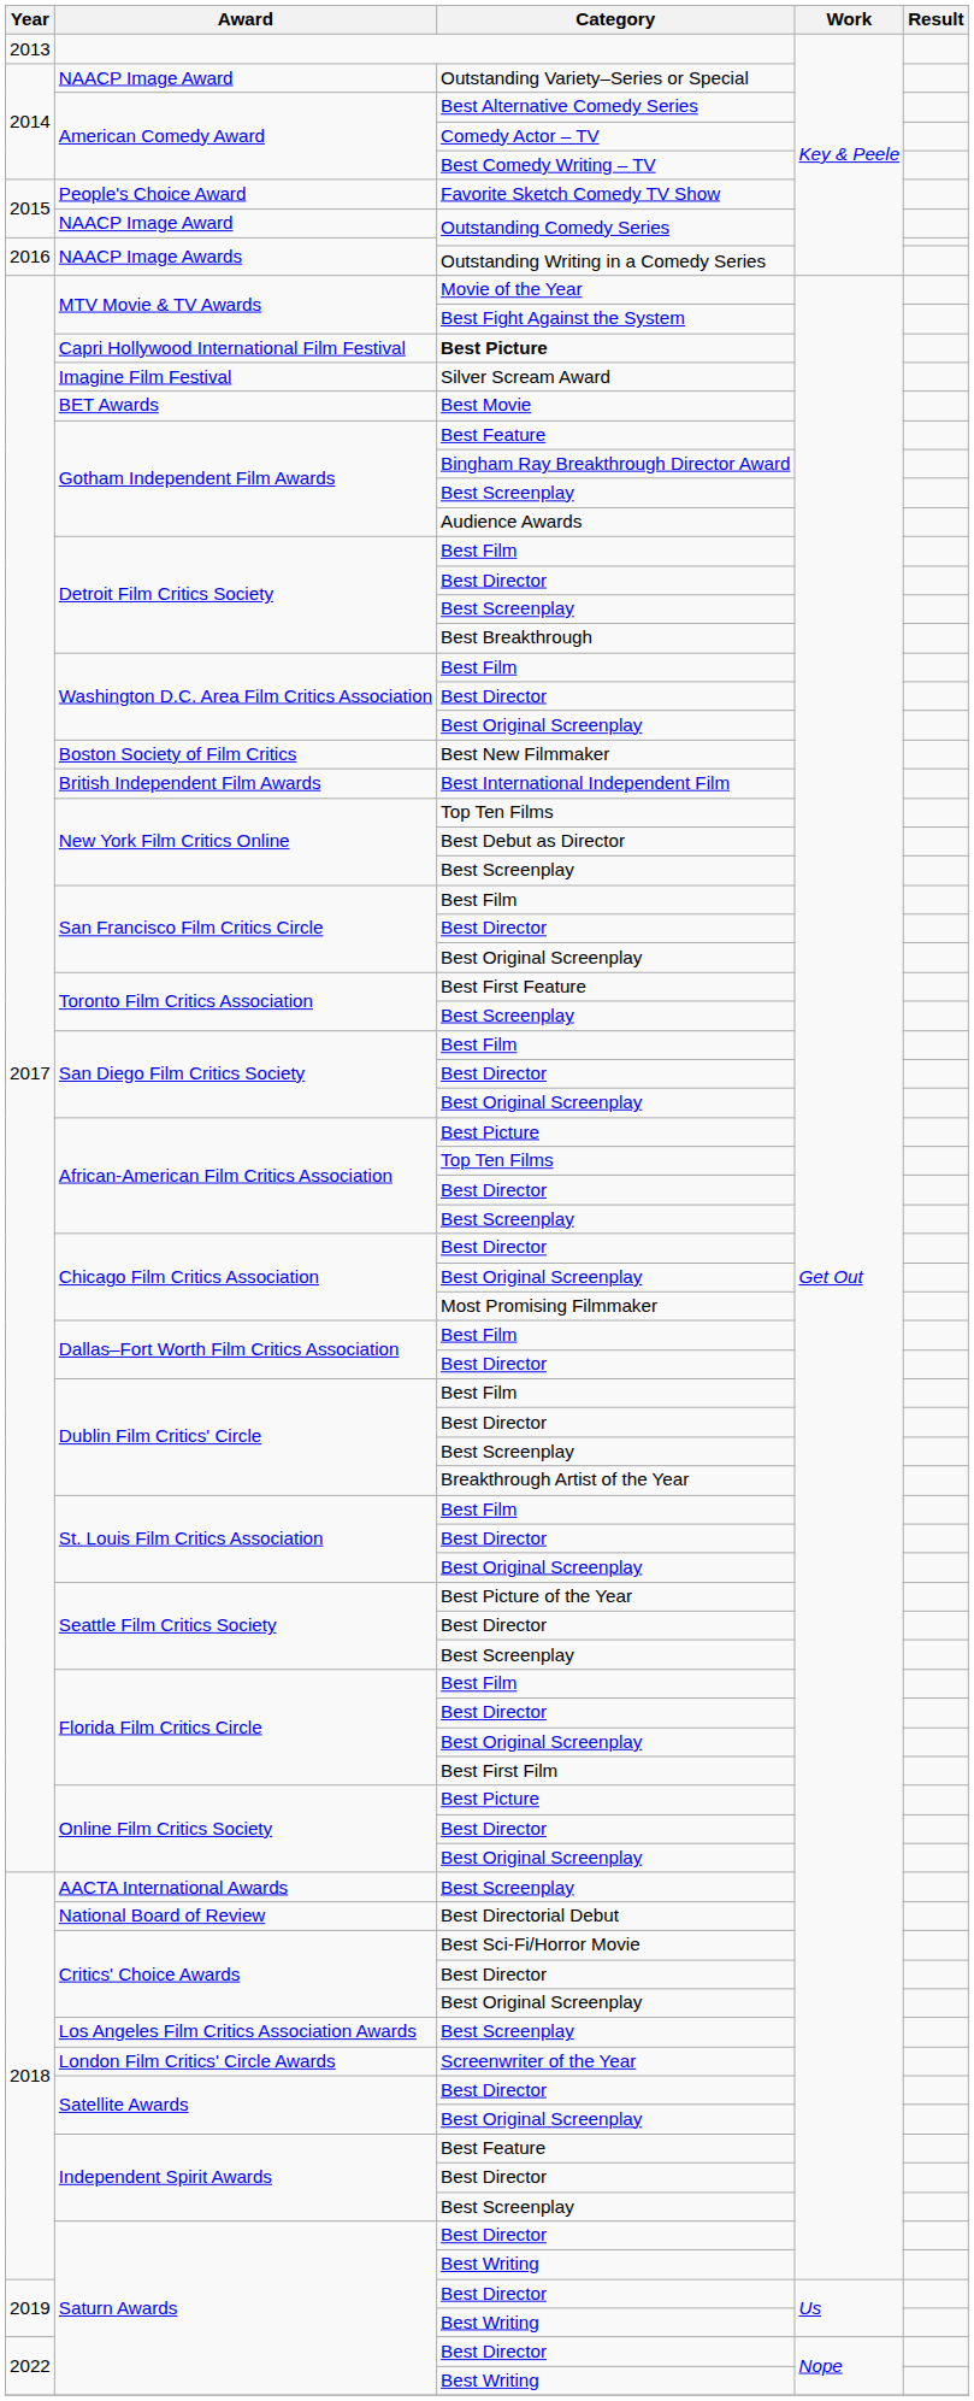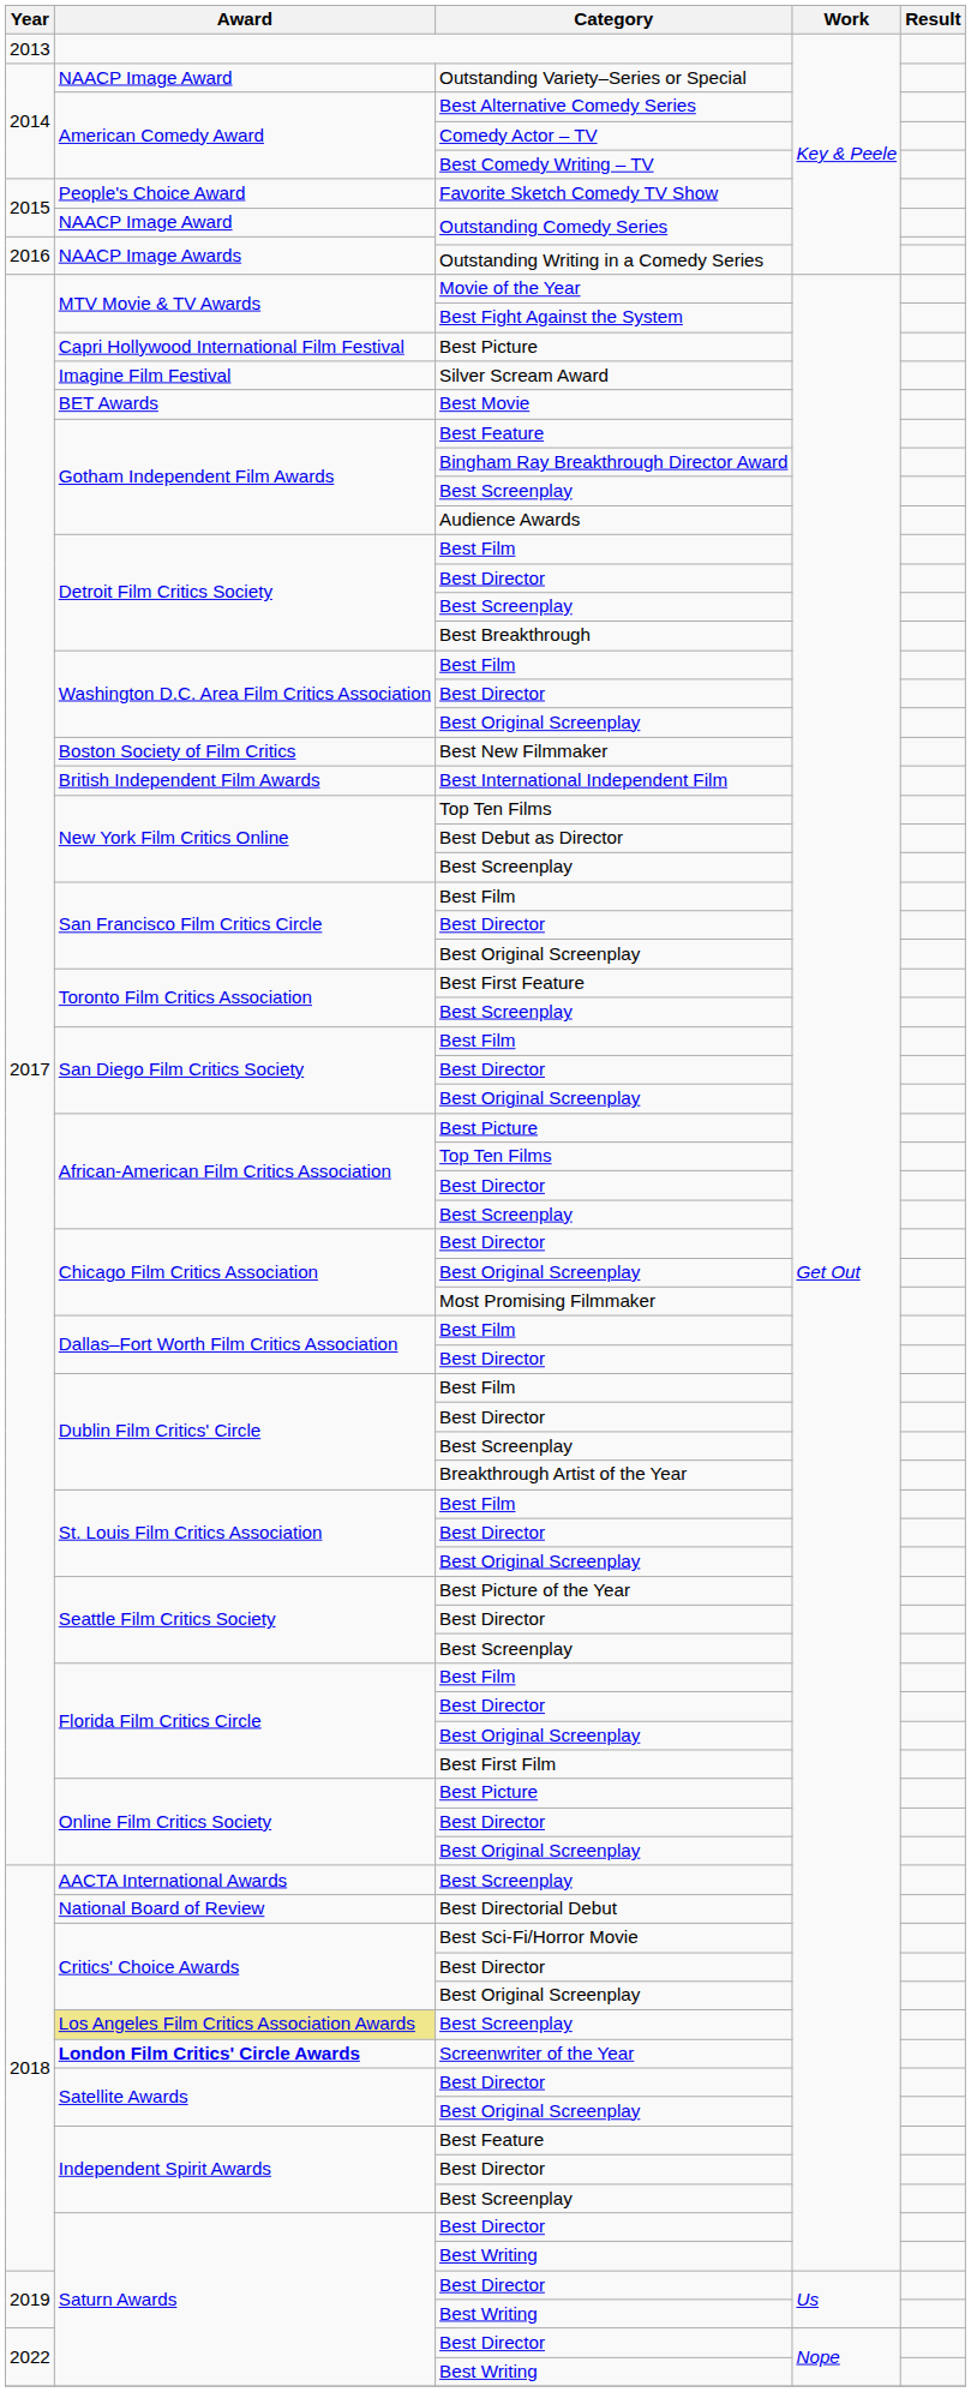 <table class="wikitable sortable">
 <tr>
 <th>Year</th>
 <th>Award</th>
 <th>Category</th>
 <th>Work</th>
 <th>Result</th>
 </tr>
 <tr>
 <td>2013</td>
 <td colspan="2"></td>
 <td rowspan="9"><em><a href='#'>Key & Peele</a></em></td>
 <td></td>
 </tr>
 <tr>
 <td rowspan="4">2014</td>
 <td><a href='#'>NAACP Image Award</a></td>
 <td>Outstanding Variety–Series or Special</td>
 <td></td>
 </tr>
 <tr>
 <td rowspan="3"><a href='#'>American Comedy Award</a></td>
 <td><a href='#'>Best Alternative Comedy Series</a></td>
 <td></td>
 </tr>
 <tr>
 <td><a href='#'>Comedy Actor – TV</a></td>
 <td></td>
 </tr>
 <tr>
 <td><a href='#'>Best Comedy Writing – TV</a></td>
 <td></td>
 </tr>
 <tr>
 <td rowspan="2">2015</td>
 <td><a href='#'>People's Choice Award</a></td>
 <td><a href='#'>Favorite Sketch Comedy TV Show</a></td>
 <td></td>
 </tr>
 <tr>
 <td><a href='#'>NAACP Image Award</a></td>
 <td rowspan="2"><a href='#'>Outstanding Comedy Series</a></td>
 <td></td>
 </tr>
 <tr>
 <td rowspan="2">2016</td>
 <td rowspan="2"><a href='#'>NAACP Image Awards</a></td>
 <td></td>
 </tr>
 <tr>
 <td>Outstanding Writing in a Comedy Series</td>
 <td></td>
 </tr>
 <tr>
 <td rowspan="55">2017</td>
 <td rowspan="2"><a href='#'>MTV Movie & TV Awards</a></td>
 <td><a href='#'>Movie of the Year</a></td>
 <td rowspan="69"><em><a href='#'>Get Out</a></em></td>
 <td></td>
 </tr>
 <tr>
 <td><a href='#'>Best Fight Against the System</a></td>
 <td></td>
 </tr>
 <tr>
 <td><a href='#'>Capri Hollywood International Film Festival</a></td>
-<td><strong>Best Picture</strong></td>
+<td>Best Picture</td>
 <td></td>
 </tr>
 <tr>
 <td><a href='#'>Imagine Film Festival</a></td>
 <td>Silver Scream Award</td>
 <td></td>
 </tr>
 <tr>
 <td><a href='#'>BET Awards</a></td>
 <td><a href='#'>Best Movie</a></td>
 <td></td>
 </tr>
 <tr>
 <td rowspan="4"><a href='#'>Gotham Independent Film Awards</a></td>
 <td><a href='#'>Best Feature</a></td>
 <td></td>
 </tr>
 <tr>
 <td><a href='#'>Bingham Ray Breakthrough Director Award</a></td>
 <td></td>
 </tr>
 <tr>
 <td><a href='#'>Best Screenplay</a></td>
 <td></td>
 </tr>
 <tr>
 <td>Audience Awards</td>
 <td></td>
 </tr>
 <tr>
 <td rowspan="4"><a href='#'>Detroit Film Critics Society</a></td>
 <td><a href='#'>Best Film</a></td>
 <td></td>
 </tr>
 <tr>
 <td><a href='#'>Best Director</a></td>
 <td></td>
 </tr>
 <tr>
 <td><a href='#'>Best Screenplay</a></td>
 <td></td>
 </tr>
 <tr>
 <td>Best Breakthrough</td>
 <td></td>
 </tr>
 <tr>
 <td rowspan="3"><a href='#'>Washington D.C. Area Film Critics Association</a></td>
 <td><a href='#'>Best Film</a></td>
 <td></td>
 </tr>
 <tr>
 <td><a href='#'>Best Director</a></td>
 <td></td>
 </tr>
 <tr>
 <td><a href='#'>Best Original Screenplay</a></td>
 <td></td>
 </tr>
 <tr>
 <td><a href='#'>Boston Society of Film Critics</a></td>
 <td>Best New Filmmaker</td>
 <td></td>
 </tr>
 <tr>
 <td><a href='#'>British Independent Film Awards</a></td>
 <td><a href='#'>Best International Independent Film</a></td>
 <td></td>
 </tr>
 <tr>
 <td rowspan="3"><a href='#'>New York Film Critics Online</a></td>
 <td>Top Ten Films</td>
 <td></td>
 </tr>
 <tr>
 <td>Best Debut as Director</td>
 <td></td>
 </tr>
 <tr>
 <td>Best Screenplay</td>
 <td></td>
 </tr>
 <tr>
 <td rowspan="3"><a href='#'>San Francisco Film Critics Circle</a></td>
 <td>Best Film</td>
 <td></td>
 </tr>
 <tr>
 <td><a href='#'>Best Director</a></td>
 <td></td>
 </tr>
 <tr>
 <td>Best Original Screenplay</td>
 <td></td>
 </tr>
 <tr>
 <td rowspan="2"><a href='#'>Toronto Film Critics Association</a></td>
 <td>Best First Feature</td>
 <td></td>
 </tr>
 <tr>
 <td><a href='#'>Best Screenplay</a></td>
 <td></td>
 </tr>
 <tr>
 <td rowspan="3"><a href='#'>San Diego Film Critics Society</a></td>
 <td><a href='#'>Best Film</a></td>
 <td></td>
 </tr>
 <tr>
 <td><a href='#'>Best Director</a></td>
 <td></td>
 </tr>
 <tr>
 <td><a href='#'>Best Original Screenplay</a></td>
 <td></td>
 </tr>
 <tr>
 <td rowspan="4"><a href='#'>African-American Film Critics Association</a></td>
 <td><a href='#'>Best Picture</a></td>
 <td></td>
 </tr>
 <tr>
 <td><a href='#'>Top Ten Films</a></td>
 <td></td>
 </tr>
 <tr>
 <td><a href='#'>Best Director</a></td>
 <td></td>
 </tr>
 <tr>
 <td><a href='#'>Best Screenplay</a></td>
 <td></td>
 </tr>
 <tr>
 <td rowspan="3"><a href='#'>Chicago Film Critics Association</a></td>
 <td><a href='#'>Best Director</a></td>
 <td></td>
 </tr>
 <tr>
 <td><a href='#'>Best Original Screenplay</a></td>
 <td></td>
 </tr>
 <tr>
 <td>Most Promising Filmmaker</td>
 <td></td>
 </tr>
 <tr>
 <td rowspan="2"><a href='#'>Dallas–Fort Worth Film Critics Association</a></td>
 <td><a href='#'>Best Film</a></td>
 <td></td>
 </tr>
 <tr>
 <td><a href='#'>Best Director</a></td>
 <td></td>
 </tr>
 <tr>
 <td rowspan="4"><a href='#'>Dublin Film Critics' Circle</a></td>
 <td>Best Film</td>
 <td></td>
 </tr>
 <tr>
 <td>Best Director</td>
 <td></td>
 </tr>
 <tr>
 <td>Best Screenplay</td>
 <td></td>
 </tr>
 <tr>
 <td>Breakthrough Artist of the Year</td>
 <td></td>
 </tr>
 <tr>
 <td rowspan="3"><a href='#'>St. Louis Film Critics Association</a></td>
 <td><a href='#'>Best Film</a></td>
 <td></td>
 </tr>
 <tr>
 <td><a href='#'>Best Director</a></td>
 <td></td>
 </tr>
 <tr>
 <td><a href='#'>Best Original Screenplay</a></td>
 <td></td>
 </tr>
 <tr>
 <td rowspan="3"><a href='#'>Seattle Film Critics Society</a></td>
 <td>Best Picture of the Year</td>
 <td></td>
 </tr>
 <tr>
 <td>Best Director</td>
 <td></td>
 </tr>
 <tr>
 <td>Best Screenplay</td>
 <td></td>
 </tr>
 <tr>
 <td rowspan="4"><a href='#'>Florida Film Critics Circle</a></td>
 <td><a href='#'>Best Film</a></td>
 <td></td>
 </tr>
 <tr>
 <td><a href='#'>Best Director</a></td>
 <td></td>
 </tr>
 <tr>
 <td><a href='#'>Best Original Screenplay</a></td>
 <td></td>
 </tr>
 <tr>
 <td>Best First Film</td>
 <td></td>
 </tr>
 <tr>
 <td rowspan="3"><a href='#'>Online Film Critics Society</a></td>
 <td><a href='#'>Best Picture</a></td>
 <td></td>
 </tr>
 <tr>
 <td><a href='#'>Best Director</a></td>
 <td></td>
 </tr>
 <tr>
 <td><a href='#'>Best Original Screenplay</a></td>
 <td></td>
 </tr>
 <tr>
 <td rowspan="14">2018</td>
 <td><a href='#'>AACTA International Awards</a></td>
 <td><a href='#'>Best Screenplay</a></td>
 <td></td>
 </tr>
 <tr>
 <td><a href='#'>National Board of Review</a></td>
 <td>Best Directorial Debut</td>
 <td></td>
 </tr>
 <tr>
 <td rowspan="3"><a href='#'>Critics' Choice Awards</a></td>
 <td>Best Sci-Fi/Horror Movie</td>
 <td></td>
 </tr>
 <tr>
 <td>Best Director</td>
 <td></td>
 </tr>
 <tr>
 <td>Best Original Screenplay</td>
 <td></td>
 </tr>
 <tr>
-<td><a href='#'>Los Angeles Film Critics Association Awards</a></td>
+<td style="background: khaki;"><a href='#'>Los Angeles Film Critics Association Awards</a></td>
 <td><a href='#'>Best Screenplay</a></td>
 <td></td>
 </tr>
 <tr>
-<td><a href='#'>London Film Critics' Circle Awards</a></td>
+<td><strong><a href='#'>London Film Critics' Circle Awards</a></strong></td>
 <td><a href='#'>Screenwriter of the Year</a></td>
 <td></td>
 </tr>
 <tr>
 <td rowspan="2"><a href='#'>Satellite Awards</a></td>
 <td><a href='#'>Best Director</a></td>
 <td></td>
 </tr>
 <tr>
 <td><a href='#'>Best Original Screenplay</a></td>
 <td></td>
 </tr>
 <tr>
 <td rowspan="3"><a href='#'>Independent Spirit Awards</a></td>
 <td>Best Feature</td>
 <td></td>
 </tr>
 <tr>
 <td>Best Director</td>
 <td></td>
 </tr>
 <tr>
 <td>Best Screenplay</td>
 <td></td>
 </tr>
 <tr>
 <td rowspan="6"><a href='#'>Saturn Awards</a></td>
 <td><a href='#'>Best Director</a></td>
 <td></td>
 </tr>
 <tr>
 <td><a href='#'>Best Writing</a></td>
 <td></td>
 </tr>
 <tr>
 <td rowspan="2">2019</td>
 <td><a href='#'>Best Director</a></td>
 <td rowspan="2"><em><a href='#'>Us</a></em></td>
 <td></td>
 </tr>
 <tr>
 <td><a href='#'>Best Writing</a></td>
 <td></td>
 </tr>
 <tr>
 <td rowspan="2">2022</td>
 <td><a href='#'>Best Director</a></td>
 <td rowspan="2"><em><a href='#'>Nope</a></em></td>
 <td></td>
 </tr>
 <tr>
 <td><a href='#'>Best Writing</a></td>
 <td></td>
 </tr>
 <tr>
 </tr>
 </table>
